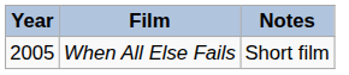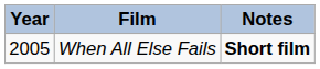 <table class="wikitable">
 <tr>
 <th style="background:#B0C4DE;">Year</th>
 <th style="background:#B0C4DE;">Film</th>
 <th style="background:#B0C4DE;">Notes</th>
 </tr>
 <tr>
 <td>2005</td>
 <td><em>When All Else Fails</em></td>
-<td>Short film</td>
+<td><strong>Short film</strong></td>
 </tr>
 </table>
